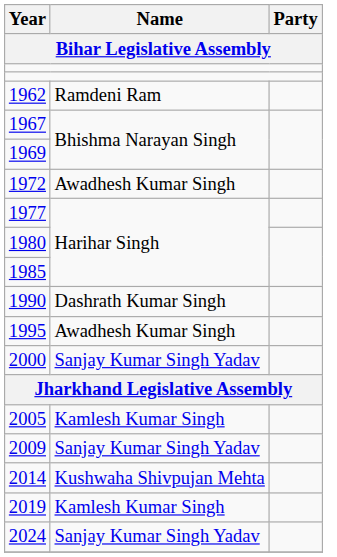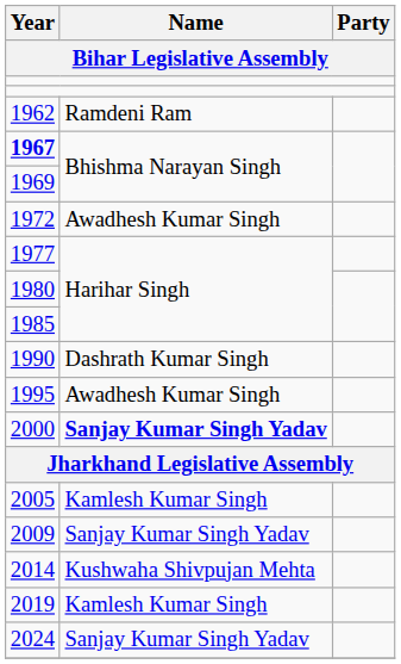 <table class="wikitable sortable">
 <tr>
 <th>Year</th>
 <th>Name</th>
 <th colspan=2>Party</th>
 </tr>
 <tr>
 <th colspan=4><a href='#'>Bihar Legislative Assembly</a></th>
 </tr>
 <tr>
 <td colspan="4"></td>
 </tr>
 <tr>
 <td colspan="4"></td>
 </tr>
 <tr>
 <td><a href='#'>1962</a></td>
 <td>Ramdeni Ram</td>
 <td></td>
 </tr>
 <tr>
-<td><a href='#'>1967</a></td>
+<td><strong><a href='#'>1967</a></strong></td>
 <td rowspan=2>Bhishma Narayan Singh</td>
 </tr>
 <tr>
 <td><a href='#'>1969</a></td>
 </tr>
 <tr>
 <td><a href='#'>1972</a></td>
 <td>Awadhesh Kumar Singh</td>
 <td></td>
 </tr>
 <tr>
 <td><a href='#'>1977</a></td>
 <td rowspan="3">Harihar Singh</td>
 <td></td>
 </tr>
 <tr>
 <td><a href='#'>1980</a></td>
 </tr>
 <tr>
 <td><a href='#'>1985</a></td>
 </tr>
 <tr>
 <td><a href='#'>1990</a></td>
 <td>Dashrath Kumar Singh</td>
 <td></td>
 </tr>
 <tr>
 <td><a href='#'>1995</a></td>
 <td>Awadhesh Kumar Singh</td>
 <td></td>
 </tr>
 <tr>
 <td><a href='#'>2000</a></td>
-<td><a href='#'>Sanjay Kumar Singh Yadav</a></td>
+<td><strong><a href='#'>Sanjay Kumar Singh Yadav</a></strong></td>
 <td></td>
 </tr>
 <tr>
 <th colspan=4><a href='#'>Jharkhand Legislative Assembly</a></th>
 </tr>
 <tr>
 <td><a href='#'>2005</a></td>
 <td><a href='#'>Kamlesh Kumar Singh</a></td>
 <td></td>
 </tr>
 <tr>
 <td><a href='#'>2009</a></td>
 <td><a href='#'>Sanjay Kumar Singh Yadav</a></td>
 <td></td>
 </tr>
 <tr>
 <td><a href='#'>2014</a></td>
 <td><a href='#'>Kushwaha Shivpujan Mehta</a></td>
 <td></td>
 </tr>
 <tr>
 <td><a href='#'>2019</a></td>
 <td><a href='#'>Kamlesh Kumar Singh</a></td>
 <td></td>
 </tr>
 <tr>
 <td><a href='#'>2024</a></td>
 <td><a href='#'>Sanjay Kumar Singh Yadav</a></td>
 <td></td>
 </tr>
 <tr>
 </tr>
 </table>
